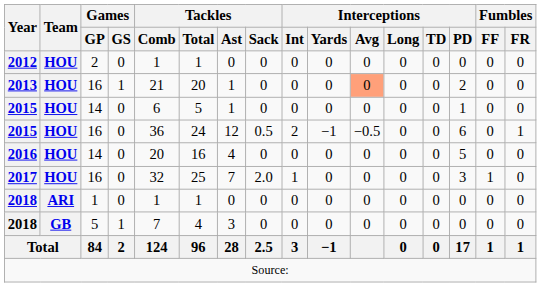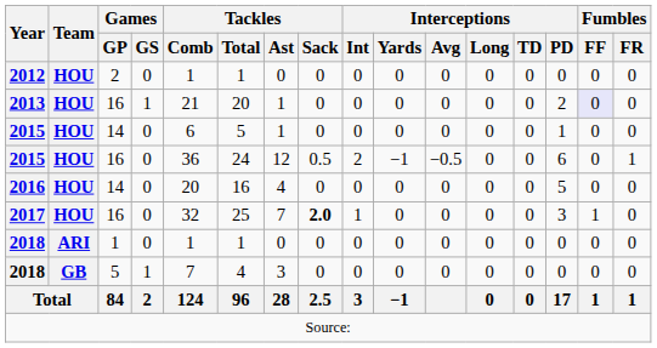 <table class="wikitable" style="text-align: center;">
 <tr>
 <th rowspan="2">Year</th>
 <th rowspan="2">Team</th>
 <th colspan="2">Games</th>
 <th colspan="4">Tackles</th>
 <th colspan="6">Interceptions</th>
 <th colspan="2">Fumbles</th>
 </tr>
 <tr>
 <th>GP</th>
 <th>GS</th>
 <th>Comb</th>
 <th>Total</th>
 <th>Ast</th>
 <th>Sack</th>
 <th>Int</th>
 <th>Yards</th>
 <th>Avg</th>
 <th>Long</th>
 <th>TD</th>
 <th>PD</th>
 <th>FF</th>
 <th>FR</th>
 </tr>
 <tr>
 <th><a href='#'>2012</a></th>
 <th><a href='#'>HOU</a></th>
 <td>2</td>
 <td>0</td>
 <td>1</td>
 <td>1</td>
 <td>0</td>
 <td>0</td>
 <td>0</td>
 <td>0</td>
 <td>0</td>
 <td>0</td>
 <td>0</td>
 <td>0</td>
 <td>0</td>
 <td>0</td>
 </tr>
 <tr>
 <th><a href='#'>2013</a></th>
 <th><a href='#'>HOU</a></th>
 <td>16</td>
 <td>1</td>
 <td>21</td>
 <td>20</td>
 <td>1</td>
 <td>0</td>
 <td>0</td>
 <td>0</td>
-<td style="background: lightsalmon;">0</td>
+<td>0</td>
 <td>0</td>
 <td>0</td>
 <td>2</td>
-<td>0</td>
+<td style="background: lavender;">0</td>
 <td>0</td>
 </tr>
 <tr>
 <th><a href='#'>2015</a></th>
 <th><a href='#'>HOU</a></th>
 <td>14</td>
 <td>0</td>
 <td>6</td>
 <td>5</td>
 <td>1</td>
 <td>0</td>
 <td>0</td>
 <td>0</td>
 <td>0</td>
 <td>0</td>
 <td>0</td>
 <td>1</td>
 <td>0</td>
 <td>0</td>
 </tr>
 <tr>
 <th><a href='#'>2015</a></th>
 <th><a href='#'>HOU</a></th>
 <td>16</td>
 <td>0</td>
 <td>36</td>
 <td>24</td>
 <td>12</td>
 <td>0.5</td>
 <td>2</td>
 <td>−1</td>
 <td>−0.5</td>
 <td>0</td>
 <td>0</td>
 <td>6</td>
 <td>0</td>
 <td>1</td>
 </tr>
 <tr>
 <th><a href='#'>2016</a></th>
 <th><a href='#'>HOU</a></th>
 <td>14</td>
 <td>0</td>
 <td>20</td>
 <td>16</td>
 <td>4</td>
 <td>0</td>
 <td>0</td>
 <td>0</td>
 <td>0</td>
 <td>0</td>
 <td>0</td>
 <td>5</td>
 <td>0</td>
 <td>0</td>
 </tr>
 <tr>
 <th><a href='#'>2017</a></th>
 <th><a href='#'>HOU</a></th>
 <td>16</td>
 <td>0</td>
 <td>32</td>
 <td>25</td>
 <td>7</td>
-<td>2.0</td>
+<td><strong>2.0</strong></td>
 <td>1</td>
 <td>0</td>
 <td>0</td>
 <td>0</td>
 <td>0</td>
 <td>3</td>
 <td>1</td>
 <td>0</td>
 </tr>
 <tr>
 <th><a href='#'>2018</a></th>
 <th><a href='#'>ARI</a></th>
 <td>1</td>
 <td>0</td>
 <td>1</td>
 <td>1</td>
 <td>0</td>
 <td>0</td>
 <td>0</td>
 <td>0</td>
 <td>0</td>
 <td>0</td>
 <td>0</td>
 <td>0</td>
 <td>0</td>
 <td>0</td>
 </tr>
 <tr>
 <th>2018</th>
 <th><a href='#'>GB</a></th>
 <td>5</td>
 <td>1</td>
 <td>7</td>
 <td>4</td>
 <td>3</td>
 <td>0</td>
 <td>0</td>
 <td>0</td>
 <td>0</td>
 <td>0</td>
 <td>0</td>
 <td>0</td>
 <td>0</td>
 <td>0</td>
 </tr>
 <tr>
 <th colspan="2">Total</th>
 <th>84</th>
 <th>2</th>
 <th>124</th>
 <th>96</th>
 <th>28</th>
 <th>2.5</th>
 <th>3</th>
 <th>−1</th>
 <th></th>
 <th>0</th>
 <th>0</th>
 <th>17</th>
 <th>1</th>
 <th>1</th>
 </tr>
 <tr>
 <td colspan="17"><small>Source: </small></td>
 </tr>
 </table>
